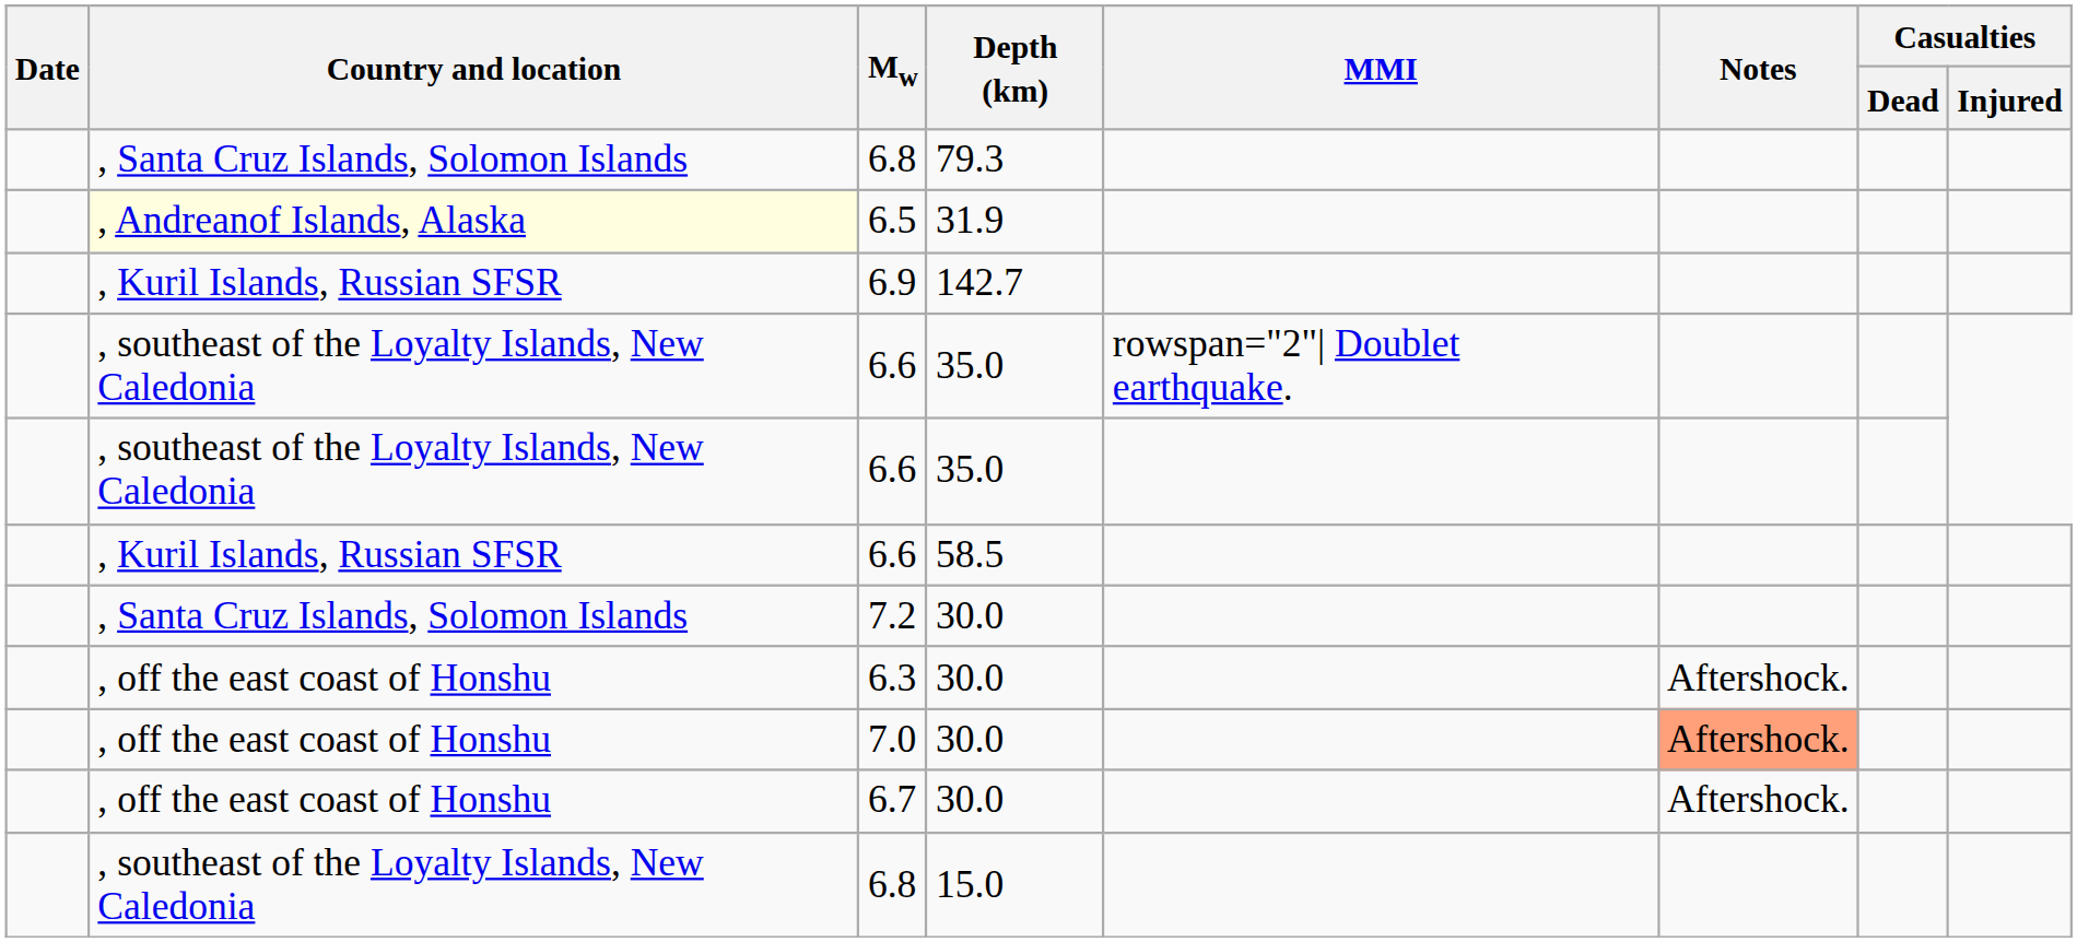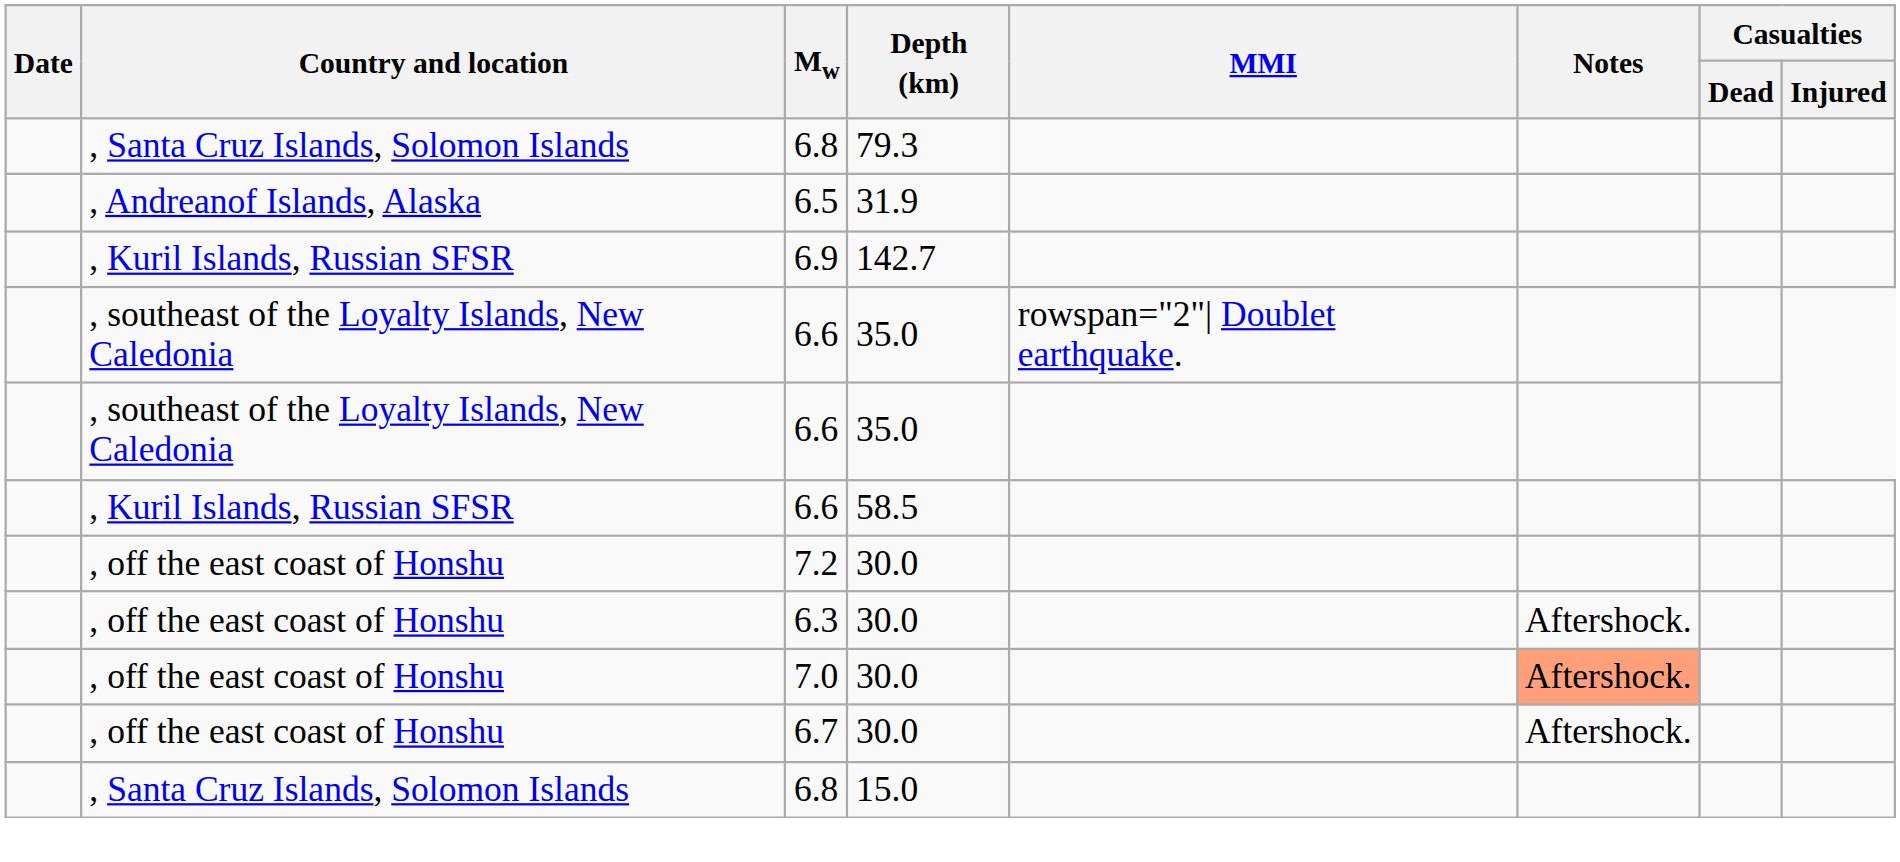 <table class="wikitable sortable sort-under" style="border:1px black; margin-left:1em;">
 <tr>
 <th rowspan="2"><small>Date</small></th>
 <th rowspan="2" style="width: 310px"><small>Country and location</small></th>
 <th rowspan="2"><small>M<sub>w</sub></small></th>
 <th rowspan="2"><small>Depth (km)</small></th>
 <th rowspan="2"><small><a href='#'>MMI</a></small></th>
 <th rowspan="2" class="unsortable"><small>Notes</small></th>
 <th colspan="2"><small>Casualties</small></th>
 </tr>
 <tr>
 <th><small>Dead</small></th>
 <th><small>Injured</small></th>
 </tr>
 <tr>
 <td></td>
 <td>, <a href='#'>Santa Cruz Islands</a>, <a href='#'>Solomon Islands</a></td>
 <td>6.8</td>
 <td>79.3</td>
 <td></td>
 <td></td>
 <td></td>
 <td></td>
 </tr>
 <tr>
 <td></td>
-<td style="background: lightyellow;">, <a href='#'>Andreanof Islands</a>, <a href='#'>Alaska</a></td>
+<td>, <a href='#'>Andreanof Islands</a>, <a href='#'>Alaska</a></td>
 <td>6.5</td>
 <td>31.9</td>
 <td></td>
 <td></td>
 <td></td>
 <td></td>
 </tr>
 <tr>
 <td></td>
 <td>, <a href='#'>Kuril Islands</a>, <a href='#'>Russian SFSR</a></td>
 <td>6.9</td>
 <td>142.7</td>
 <td></td>
 <td></td>
 <td></td>
 <td></td>
 </tr>
 <tr>
 <td></td>
 <td>, southeast of the <a href='#'>Loyalty Islands</a>, <a href='#'>New Caledonia</a></td>
 <td>6.6</td>
 <td>35.0</td>
 <td>rowspan="2"| <a href='#'>Doublet earthquake</a>.</td>
 <td></td>
 <td></td>
 </tr>
 <tr>
 <td></td>
 <td>, southeast of the <a href='#'>Loyalty Islands</a>, <a href='#'>New Caledonia</a></td>
 <td>6.6</td>
 <td>35.0</td>
 <td></td>
 <td></td>
 <td></td>
 </tr>
 <tr>
 <td></td>
 <td>, <a href='#'>Kuril Islands</a>, <a href='#'>Russian SFSR</a></td>
 <td>6.6</td>
 <td>58.5</td>
 <td></td>
 <td></td>
 <td></td>
 <td></td>
 </tr>
 <tr>
 <td></td>
-<td>, <a href='#'>Santa Cruz Islands</a>, <a href='#'>Solomon Islands</a></td>
+<td>, off the east coast of <a href='#'>Honshu</a></td>
 <td>7.2</td>
 <td>30.0</td>
 <td></td>
 <td></td>
 <td></td>
 <td></td>
 </tr>
 <tr>
 <td></td>
 <td>, off the east coast of <a href='#'>Honshu</a></td>
 <td>6.3</td>
 <td>30.0</td>
 <td></td>
 <td>Aftershock.</td>
 <td></td>
 <td></td>
 </tr>
 <tr>
 <td></td>
 <td>, off the east coast of <a href='#'>Honshu</a></td>
 <td>7.0</td>
 <td>30.0</td>
 <td></td>
 <td style="background: lightsalmon;">Aftershock.</td>
 <td></td>
 <td></td>
 </tr>
 <tr>
 <td></td>
 <td>, off the east coast of <a href='#'>Honshu</a></td>
 <td>6.7</td>
 <td>30.0</td>
 <td></td>
 <td>Aftershock.</td>
 <td></td>
 <td></td>
 </tr>
 <tr>
 <td></td>
-<td>, southeast of the <a href='#'>Loyalty Islands</a>, <a href='#'>New Caledonia</a></td>
+<td>, <a href='#'>Santa Cruz Islands</a>, <a href='#'>Solomon Islands</a></td>
 <td>6.8</td>
 <td>15.0</td>
 <td></td>
 <td></td>
 <td></td>
 <td></td>
 </tr>
 </table>
